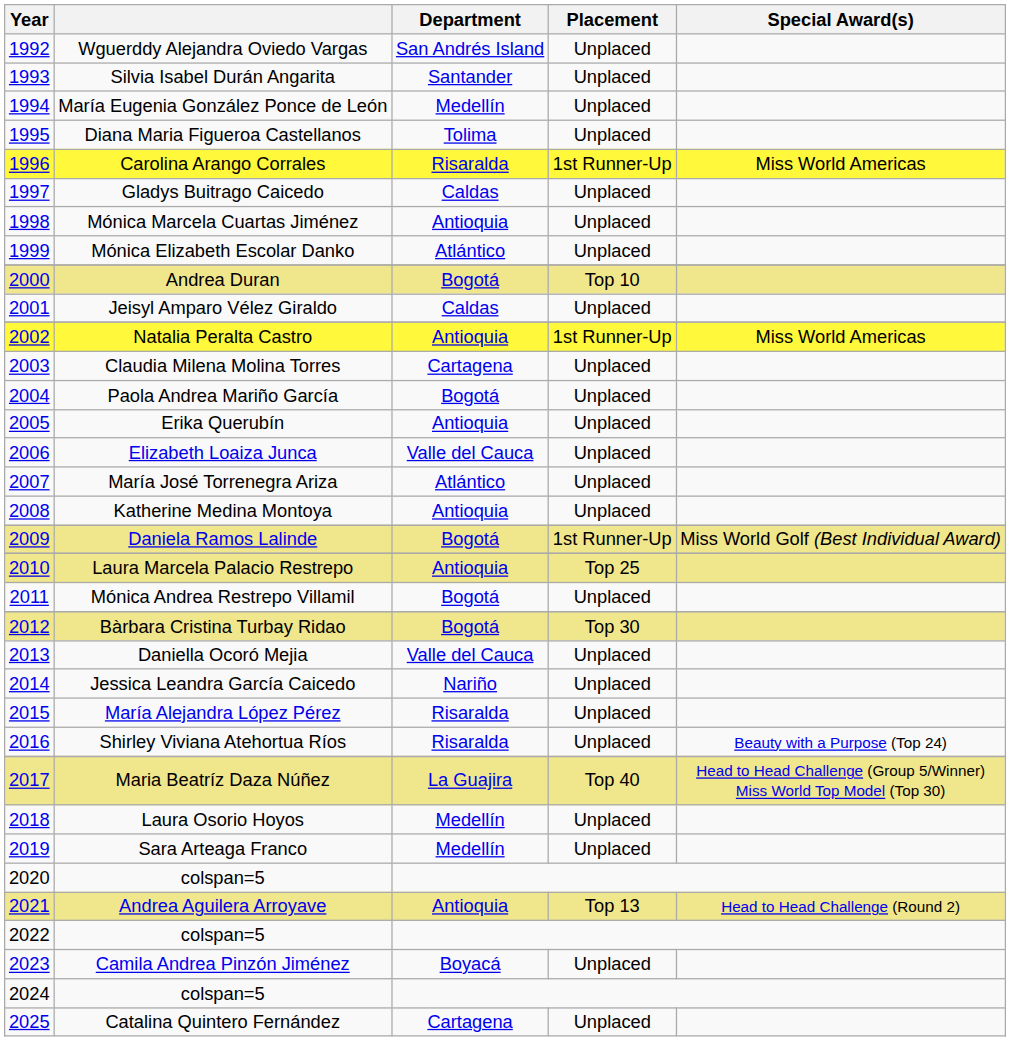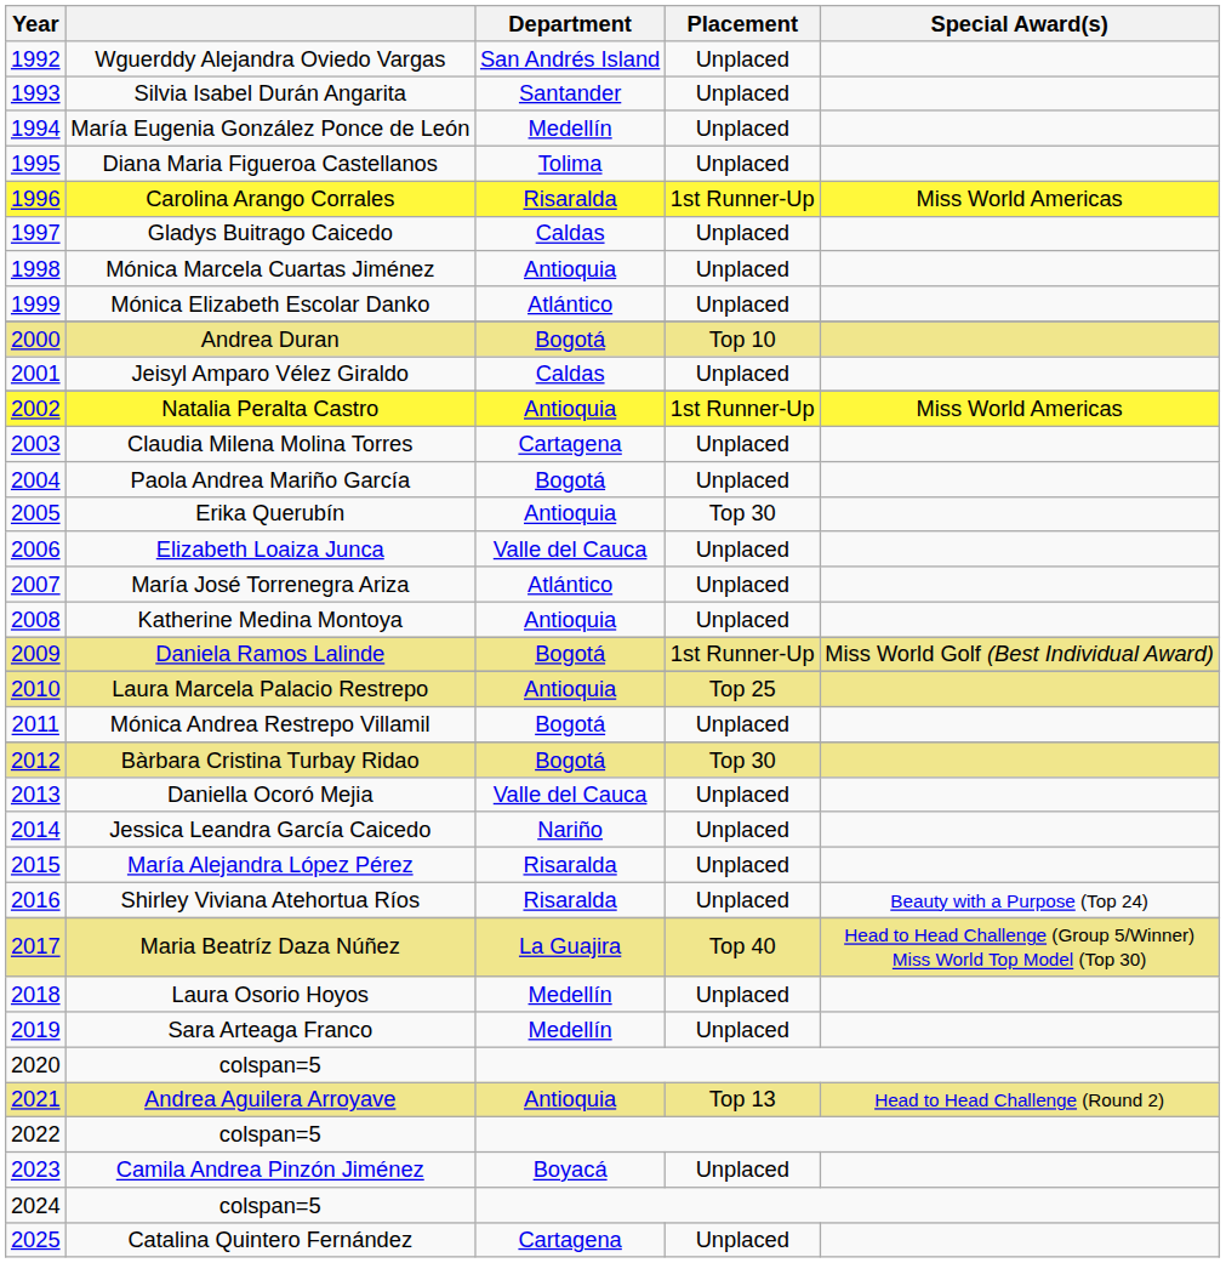 <table class="wikitable " style="font-size:90%;text-align:center;">
 <tr>
 <th>Year</th>
 <th></th>
 <th>Department</th>
 <th>Placement</th>
 <th>Special Award(s)</th>
 </tr>
 <tr>
 <td><a href='#'>1992</a></td>
 <td>Wguerddy Alejandra Oviedo Vargas</td>
 <td><a href='#'>San Andrés Island</a></td>
 <td>Unplaced</td>
 <td></td>
 </tr>
 <tr>
 <td><a href='#'>1993</a></td>
 <td>Silvia Isabel Durán Angarita</td>
 <td><a href='#'>Santander</a></td>
 <td>Unplaced</td>
 <td></td>
 </tr>
 <tr>
 <td><a href='#'>1994</a></td>
 <td>María Eugenia González Ponce de León</td>
 <td><a href='#'>Medellín</a></td>
 <td>Unplaced</td>
 <td></td>
 </tr>
 <tr>
 <td><a href='#'>1995</a></td>
 <td>Diana Maria Figueroa Castellanos</td>
 <td><a href='#'>Tolima</a></td>
 <td>Unplaced</td>
 <td></td>
 </tr>
 <tr style="background-color:#FFF83B;">
 <td><a href='#'>1996</a></td>
 <td>Carolina Arango Corrales</td>
 <td><a href='#'>Risaralda</a></td>
 <td>1st Runner-Up</td>
 <td>Miss World Americas</td>
 </tr>
 <tr>
 <td><a href='#'>1997</a></td>
 <td>Gladys Buitrago Caicedo</td>
 <td><a href='#'>Caldas</a></td>
 <td>Unplaced</td>
 <td></td>
 </tr>
 <tr>
 <td><a href='#'>1998</a></td>
 <td>Mónica Marcela Cuartas Jiménez</td>
 <td><a href='#'>Antioquia</a></td>
 <td>Unplaced</td>
 <td></td>
 </tr>
 <tr>
 <td><a href='#'>1999</a></td>
 <td>Mónica Elizabeth Escolar Danko</td>
 <td><a href='#'>Atlántico</a></td>
 <td>Unplaced</td>
 <td></td>
 </tr>
 <tr>
 </tr>
 <tr style="background-color:khaki">
 <td><a href='#'>2000</a></td>
 <td>Andrea Duran</td>
 <td><a href='#'>Bogotá</a></td>
 <td>Top 10</td>
 <td></td>
 </tr>
 <tr>
 <td><a href='#'>2001</a></td>
 <td>Jeisyl Amparo Vélez Giraldo</td>
 <td><a href='#'>Caldas</a></td>
 <td>Unplaced</td>
 <td></td>
 </tr>
 <tr>
 </tr>
 <tr style="background-color:#FFF83B;">
 <td><a href='#'>2002</a></td>
 <td>Natalia Peralta Castro</td>
 <td><a href='#'>Antioquia</a></td>
 <td>1st Runner-Up</td>
 <td>Miss World Americas</td>
 </tr>
 <tr>
 <td><a href='#'>2003</a></td>
 <td>Claudia Milena Molina Torres</td>
 <td><a href='#'>Cartagena</a></td>
 <td>Unplaced</td>
 <td></td>
 </tr>
 <tr>
 <td><a href='#'>2004</a></td>
 <td>Paola Andrea Mariño García</td>
 <td><a href='#'>Bogotá</a></td>
 <td>Unplaced</td>
 <td></td>
 </tr>
 <tr>
 <td><a href='#'>2005</a></td>
 <td>Erika Querubín</td>
 <td><a href='#'>Antioquia</a></td>
-<td>Unplaced</td>
+<td>Top 30</td>
 <td></td>
 </tr>
 <tr>
 <td><a href='#'>2006</a></td>
 <td><a href='#'>Elizabeth Loaiza Junca</a></td>
 <td><a href='#'>Valle del Cauca</a></td>
 <td>Unplaced</td>
 <td></td>
 </tr>
 <tr>
 <td><a href='#'>2007</a></td>
 <td>María José Torrenegra Ariza</td>
 <td><a href='#'>Atlántico</a></td>
 <td>Unplaced</td>
 <td></td>
 </tr>
 <tr>
 <td><a href='#'>2008</a></td>
 <td>Katherine Medina Montoya</td>
 <td><a href='#'>Antioquia</a></td>
 <td>Unplaced</td>
 <td></td>
 </tr>
 <tr>
 </tr>
 <tr style="background-color:khaki;">
 <td><a href='#'>2009</a></td>
 <td><a href='#'>Daniela Ramos Lalinde</a></td>
 <td><a href='#'>Bogotá</a></td>
 <td>1st Runner-Up</td>
 <td>Miss World Golf <em>(Best Individual Award)</em></td>
 </tr>
 <tr>
 </tr>
 <tr style="background-color:khaki">
 <td><a href='#'>2010</a></td>
 <td>Laura Marcela Palacio Restrepo</td>
 <td><a href='#'>Antioquia</a></td>
 <td>Top 25</td>
 <td></td>
 </tr>
 <tr>
 <td><a href='#'>2011</a></td>
 <td>Mónica Andrea Restrepo Villamil</td>
 <td><a href='#'>Bogotá</a></td>
 <td>Unplaced</td>
 <td></td>
 </tr>
 <tr>
 </tr>
 <tr style="background-color:khaki">
 <td><a href='#'>2012</a></td>
 <td>Bàrbara Cristina Turbay Ridao</td>
 <td><a href='#'>Bogotá</a></td>
 <td>Top 30</td>
 <td></td>
 </tr>
 <tr>
 <td><a href='#'>2013</a></td>
 <td>Daniella Ocoró Mejia</td>
 <td><a href='#'>Valle del Cauca</a></td>
 <td>Unplaced</td>
 <td></td>
 </tr>
 <tr>
 <td><a href='#'>2014</a></td>
 <td>Jessica Leandra García Caicedo</td>
 <td><a href='#'>Nariño</a></td>
 <td>Unplaced</td>
 <td></td>
 </tr>
 <tr>
 <td><a href='#'>2015</a></td>
 <td><a href='#'>María Alejandra López Pérez</a></td>
 <td><a href='#'>Risaralda</a></td>
 <td>Unplaced</td>
 <td></td>
 </tr>
 <tr>
 <td><a href='#'>2016</a></td>
 <td>Shirley Viviana Atehortua Ríos</td>
 <td><a href='#'>Risaralda</a></td>
 <td>Unplaced</td>
 <td><small><a href='#'>Beauty with a Purpose</a> (Top 24)</small></td>
 </tr>
 <tr>
 </tr>
 <tr style="background-color:khaki">
 <td><a href='#'>2017</a></td>
 <td>Maria Beatríz Daza Núñez</td>
 <td><a href='#'>La Guajira</a></td>
 <td>Top 40</td>
 <td><small><a href='#'>Head to Head Challenge</a> (Group 5/Winner)<br><a href='#'>Miss World Top Model</a> (Top 30)</small></td>
 </tr>
 <tr>
 <td><a href='#'>2018</a></td>
 <td>Laura Osorio Hoyos</td>
 <td><a href='#'>Medellín</a></td>
 <td>Unplaced</td>
 <td></td>
 </tr>
 <tr>
 <td><a href='#'>2019</a></td>
 <td>Sara Arteaga Franco</td>
 <td><a href='#'>Medellín</a></td>
 <td>Unplaced</td>
 <td></td>
 </tr>
 <tr>
 <td>2020</td>
 <td>colspan=5 </td>
 </tr>
 <tr style="background-color:khaki;">
 <td><a href='#'>2021</a></td>
 <td><a href='#'>Andrea Aguilera Arroyave</a></td>
 <td><a href='#'>Antioquia</a></td>
 <td>Top 13</td>
 <td><small><a href='#'>Head to Head Challenge</a> (Round 2)</small></td>
 </tr>
 <tr>
 <td>2022</td>
 <td>colspan=5 </td>
 </tr>
 <tr>
 <td><a href='#'>2023</a></td>
 <td><a href='#'>Camila Andrea Pinzón Jiménez</a></td>
 <td><a href='#'>Boyacá</a></td>
 <td>Unplaced</td>
 <td></td>
 </tr>
 <tr>
 <td>2024</td>
 <td>colspan=5 </td>
 </tr>
 <tr>
 <td><a href='#'>2025</a></td>
 <td>Catalina Quintero Fernández</td>
 <td><a href='#'>Cartagena</a></td>
 <td>Unplaced</td>
 <td></td>
 </tr>
 </table>
